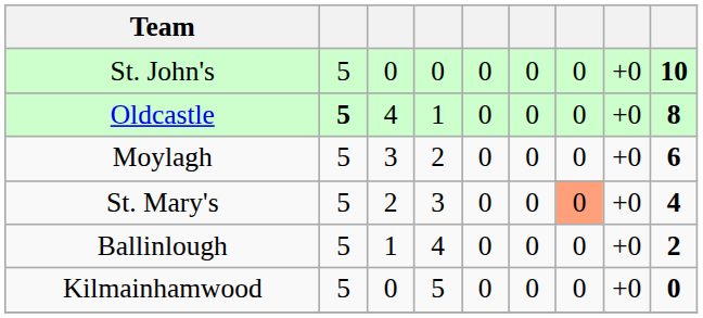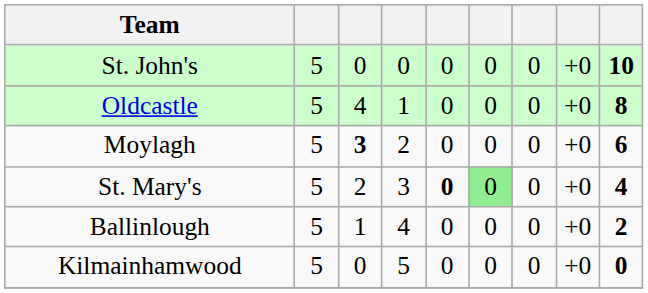 <table class="wikitable" style="text-align:center">
 <tr>
 <th width="175">Team</th>
 <th width="20"></th>
 <th width="20"></th>
 <th width="20"></th>
 <th width="20"></th>
 <th width="20"></th>
 <th width="20"></th>
 <th width="20"></th>
 <th width="20"></th>
 </tr>
 <tr style="background:#cfc;">
 <td>St. John's</td>
 <td>5</td>
 <td>0</td>
 <td>0</td>
 <td>0</td>
 <td>0</td>
 <td>0</td>
 <td>+0</td>
 <td><strong>10</strong></td>
 </tr>
 <tr style="background:#cfc;">
 <td><a href='#'>Oldcastle</a></td>
-<td><strong>5</strong></td>
+<td>5</td>
 <td>4</td>
 <td>1</td>
 <td>0</td>
 <td>0</td>
 <td>0</td>
 <td>+0</td>
 <td><strong>8</strong></td>
 </tr>
 <tr>
 <td>Moylagh</td>
 <td>5</td>
-<td>3</td>
+<td><strong>3</strong></td>
 <td>2</td>
 <td>0</td>
 <td>0</td>
 <td>0</td>
 <td>+0</td>
 <td><strong>6</strong></td>
 </tr>
 <tr>
 <td>St. Mary's</td>
 <td>5</td>
 <td>2</td>
 <td>3</td>
+<td><strong>0</strong></td>
+<td style="background: lightgreen;">0</td>
 <td>0</td>
-<td>0</td>
-<td style="background: lightsalmon;">0</td>
 <td>+0</td>
 <td><strong>4</strong></td>
 </tr>
 <tr>
 <td>Ballinlough</td>
 <td>5</td>
 <td>1</td>
 <td>4</td>
 <td>0</td>
 <td>0</td>
 <td>0</td>
 <td>+0</td>
 <td><strong>2</strong></td>
 </tr>
 <tr>
 <td>Kilmainhamwood</td>
 <td>5</td>
 <td>0</td>
 <td>5</td>
 <td>0</td>
 <td>0</td>
 <td>0</td>
 <td>+0</td>
 <td><strong>0</strong></td>
 </tr>
 <tr>
 </tr>
 </table>
